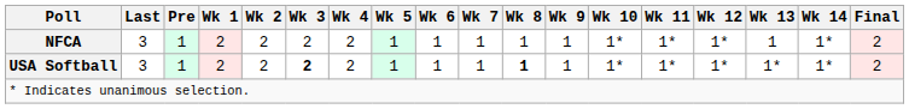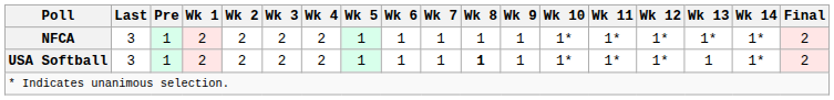 <table class="wikitable" style="white-space:nowrap;">
 <tr>
 <th>Poll</th>
 <th>Last</th>
 <th>Pre</th>
 <th>Wk 1</th>
 <th>Wk 2</th>
 <th>Wk 3</th>
 <th>Wk 4</th>
 <th>Wk 5</th>
 <th>Wk 6</th>
 <th>Wk 7</th>
 <th>Wk 8</th>
 <th>Wk 9</th>
 <th>Wk 10</th>
 <th>Wk 11</th>
 <th>Wk 12</th>
 <th>Wk 13</th>
 <th>Wk 14</th>
 <th>Final</th>
 </tr>
 <tr style="text-align:center;">
 <th>NFCA</th>
 <td style="background:#FFF;">3</td>
 <td style="background:#D8FFEB">1</td>
 <td style="background:#FFE6E6;">2</td>
 <td style="background:#FFF;">2</td>
 <td style="background:#FFF;">2</td>
 <td style="background:#FFF;">2</td>
 <td style="background:#D8FFEB;">1</td>
 <td style="background:#FFF;">1</td>
 <td style="background:#FFF;">1</td>
 <td style="background:#FFF;">1</td>
 <td style="background:#FFF;">1</td>
 <td style="background:#FFF;">1*</td>
 <td style="background:#FFF;">1*</td>
 <td style="background:#FFF;">1*</td>
-<td style="background:#FFF;">1</td>
+<td style="background:#FFF;">1*</td>
 <td style="background:#FFF;">1*</td>
 <td style="background:#FFE6E6;">2</td>
 </tr>
 <tr style="text-align:center;">
 <th>USA Softball</th>
 <td style="background:#FFF;">3</td>
 <td style="background:#D8FFEB">1</td>
 <td style="background:#FFE6E6;">2</td>
 <td style="background:#FFF;">2</td>
-<td style="background:#FFF;"><strong>2</strong></td>
+<td style="background:#FFF;">2</td>
 <td style="background:#FFF;">2</td>
 <td style="background:#D8FFEB;">1</td>
 <td style="background:#FFF;">1</td>
 <td style="background:#FFF;">1</td>
 <td style="background:#FFF;"><strong>1</strong></td>
 <td style="background:#FFF;">1</td>
 <td style="background:#FFF;">1*</td>
 <td style="background:#FFF;">1*</td>
 <td style="background:#FFF;">1*</td>
-<td style="background:#FFF;">1*</td>
+<td style="background:#FFF;">1</td>
 <td style="background:#FFF;">1*</td>
 <td style="background:#FFE6E6;">2</td>
 </tr>
 <tr style="background:#f9f9f9;">
 <td colspan=19><small>* Indicates unanimous selection.</small></td>
 </tr>
 </table>
